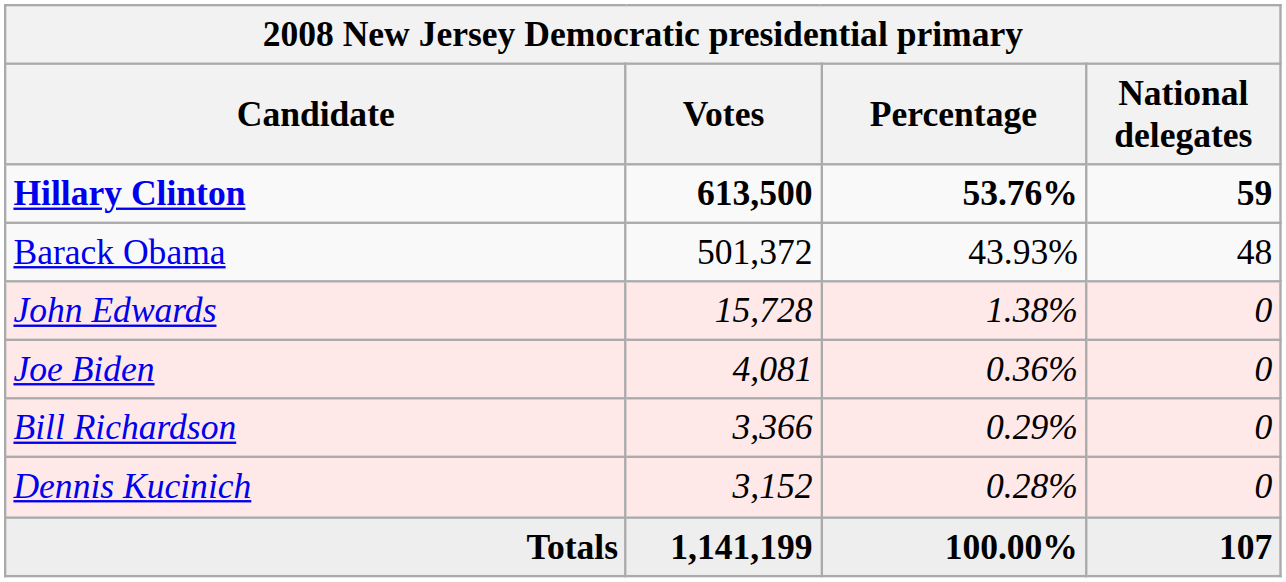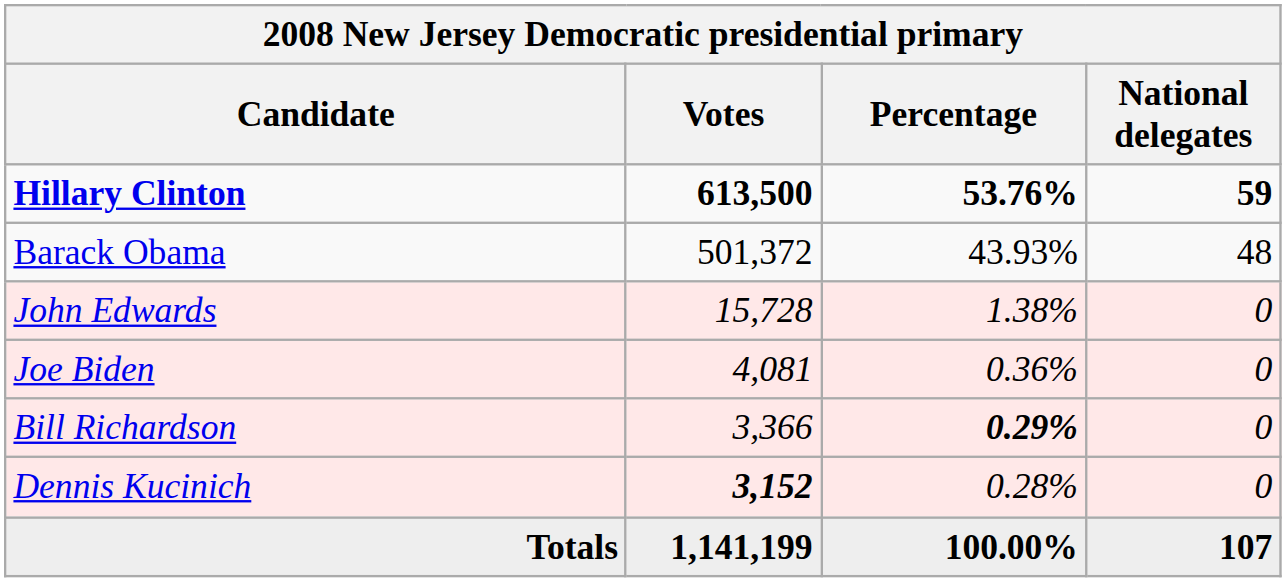 <table class="wikitable" style="font-size: 95%; text-align:right;">
 <tr>
 <th colspan="4">2008 New Jersey Democratic presidential primary</th>
 </tr>
 <tr>
 <th style="width: 17em">Candidate</th>
 <th style="width: 5em">Votes</th>
 <th style="width: 7em">Percentage</th>
 <th style="width: 5em">National delegates</th>
 </tr>
 <tr>
 <td align="left"><strong><a href='#'>Hillary Clinton</a></strong></td>
 <td><strong>613,500</strong></td>
 <td><strong>53.76%</strong></td>
 <td><strong>59</strong></td>
 </tr>
 <tr>
 <td align="left"><a href='#'>Barack Obama</a></td>
 <td>501,372</td>
 <td>43.93%</td>
 <td>48</td>
 </tr>
 <tr bgcolor=#FFE8E8>
 <td align="left"><em><a href='#'>John Edwards</a></em></td>
 <td><em>15,728</em></td>
 <td><em>1.38%</em></td>
 <td><em>0</em></td>
 </tr>
 <tr bgcolor=#FFE8E8>
 <td align="left"><em><a href='#'>Joe Biden</a></em></td>
 <td><em>4,081</em></td>
 <td><em>0.36%</em></td>
 <td><em>0</em></td>
 </tr>
 <tr bgcolor=#FFE8E8>
 <td align="left"><em><a href='#'>Bill Richardson</a></em></td>
 <td><em>3,366</em></td>
-<td><em>0.29%</em></td>
+<td><strong><em>0.29%</em></strong></td>
 <td><em>0</em></td>
 </tr>
 <tr bgcolor=#FFE8E8>
 <td align="left"><em><a href='#'>Dennis Kucinich</a></em></td>
-<td><em>3,152</em></td>
+<td><strong><em>3,152</em></strong></td>
 <td><em>0.28%</em></td>
 <td><em>0</em></td>
 </tr>
 <tr bgcolor="#EEEEEE" style="margin-right:0.5em">
 <td><strong>Totals</strong></td>
 <td><strong>1,141,199</strong></td>
 <td><strong>100.00%</strong></td>
 <td><strong>107</strong></td>
 </tr>
 </table>
